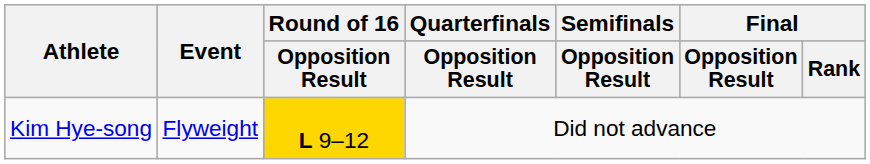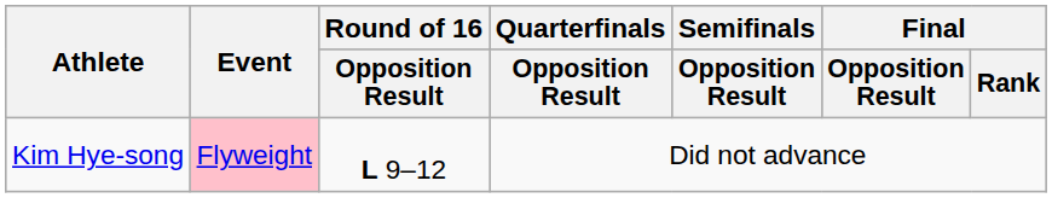 <table class="wikitable" style="font-size:90%">
 <tr>
 <th rowspan="2">Athlete</th>
 <th rowspan="2">Event</th>
 <th>Round of 16</th>
 <th>Quarterfinals</th>
 <th>Semifinals</th>
 <th colspan=2>Final</th>
 </tr>
 <tr style="font-size:95%">
 <th>Opposition<br>Result</th>
 <th>Opposition<br>Result</th>
 <th>Opposition<br>Result</th>
 <th>Opposition<br>Result</th>
 <th>Rank</th>
 </tr>
 <tr align=center>
 <td align=left><a href='#'>Kim Hye-song</a></td>
-<td align=left><a href='#'>Flyweight</a></td>
-<td style="background: gold;"><br><strong>L</strong> 9–12</td>
+<td align=left style="background: pink;"><a href='#'>Flyweight</a></td>
+<td><br><strong>L</strong> 9–12</td>
 <td colspan=4>Did not advance</td>
 </tr>
 </table>
